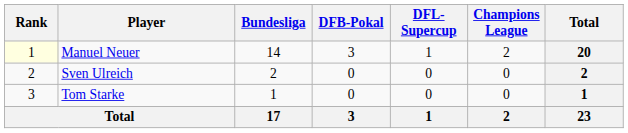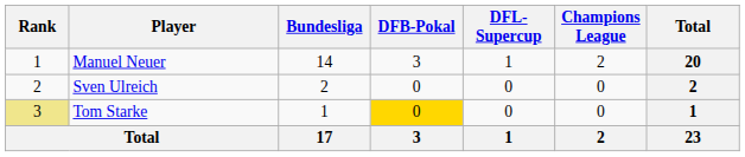 <table class="wikitable" style="text-align:center;">
 <tr>
 <th style="width:56px;">Rank</th>
 <th style="width:200px;">Player</th>
 <th style="width:84px;"><a href='#'>Bundesliga</a></th>
 <th style="width:84px;"><a href='#'>DFB-Pokal</a></th>
 <th style="width:84px;"><a href='#'>DFL-Supercup</a></th>
 <th style="width:84px;"><a href='#'>Champions League</a></th>
 <th style="width:84px;">Total</th>
 </tr>
 <tr>
-<td style="background: lightyellow;">1</td>
+<td>1</td>
 <td align="left"> <a href='#'>Manuel Neuer</a></td>
 <td>14</td>
 <td>3</td>
 <td>1</td>
 <td>2</td>
 <th>20</th>
 </tr>
 <tr>
 <td>2</td>
 <td align="left"> <a href='#'>Sven Ulreich</a></td>
 <td>2</td>
 <td>0</td>
 <td>0</td>
 <td>0</td>
 <th>2</th>
 </tr>
 <tr>
-<td>3</td>
+<td style="background: khaki;">3</td>
 <td align="left"> <a href='#'>Tom Starke</a></td>
 <td>1</td>
-<td>0</td>
+<td style="background: gold;">0</td>
 <td>0</td>
 <td>0</td>
 <th>1</th>
 </tr>
 <tr>
 <th colspan="2">Total</th>
 <th>17</th>
 <th>3</th>
 <th>1</th>
 <th>2</th>
 <th>23</th>
 </tr>
 </table>
